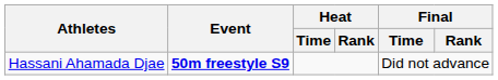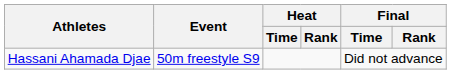 <table class=wikitable style="font-size:90%">
 <tr>
 <th rowspan="2">Athletes</th>
 <th rowspan="2">Event</th>
 <th colspan="2">Heat</th>
 <th colspan="2">Final</th>
 </tr>
 <tr>
 <th>Time</th>
 <th>Rank</th>
 <th>Time</th>
 <th>Rank</th>
 </tr>
 <tr align=center>
 <td align=left><a href='#'>Hassani Ahamada Djae</a></td>
-<td align=left><strong><a href='#'>50m freestyle S9</a></strong></td>
+<td align=left><a href='#'>50m freestyle S9</a></td>
 <td colspan=2></td>
 <td colspan=2>Did not advance</td>
 </tr>
 </table>
